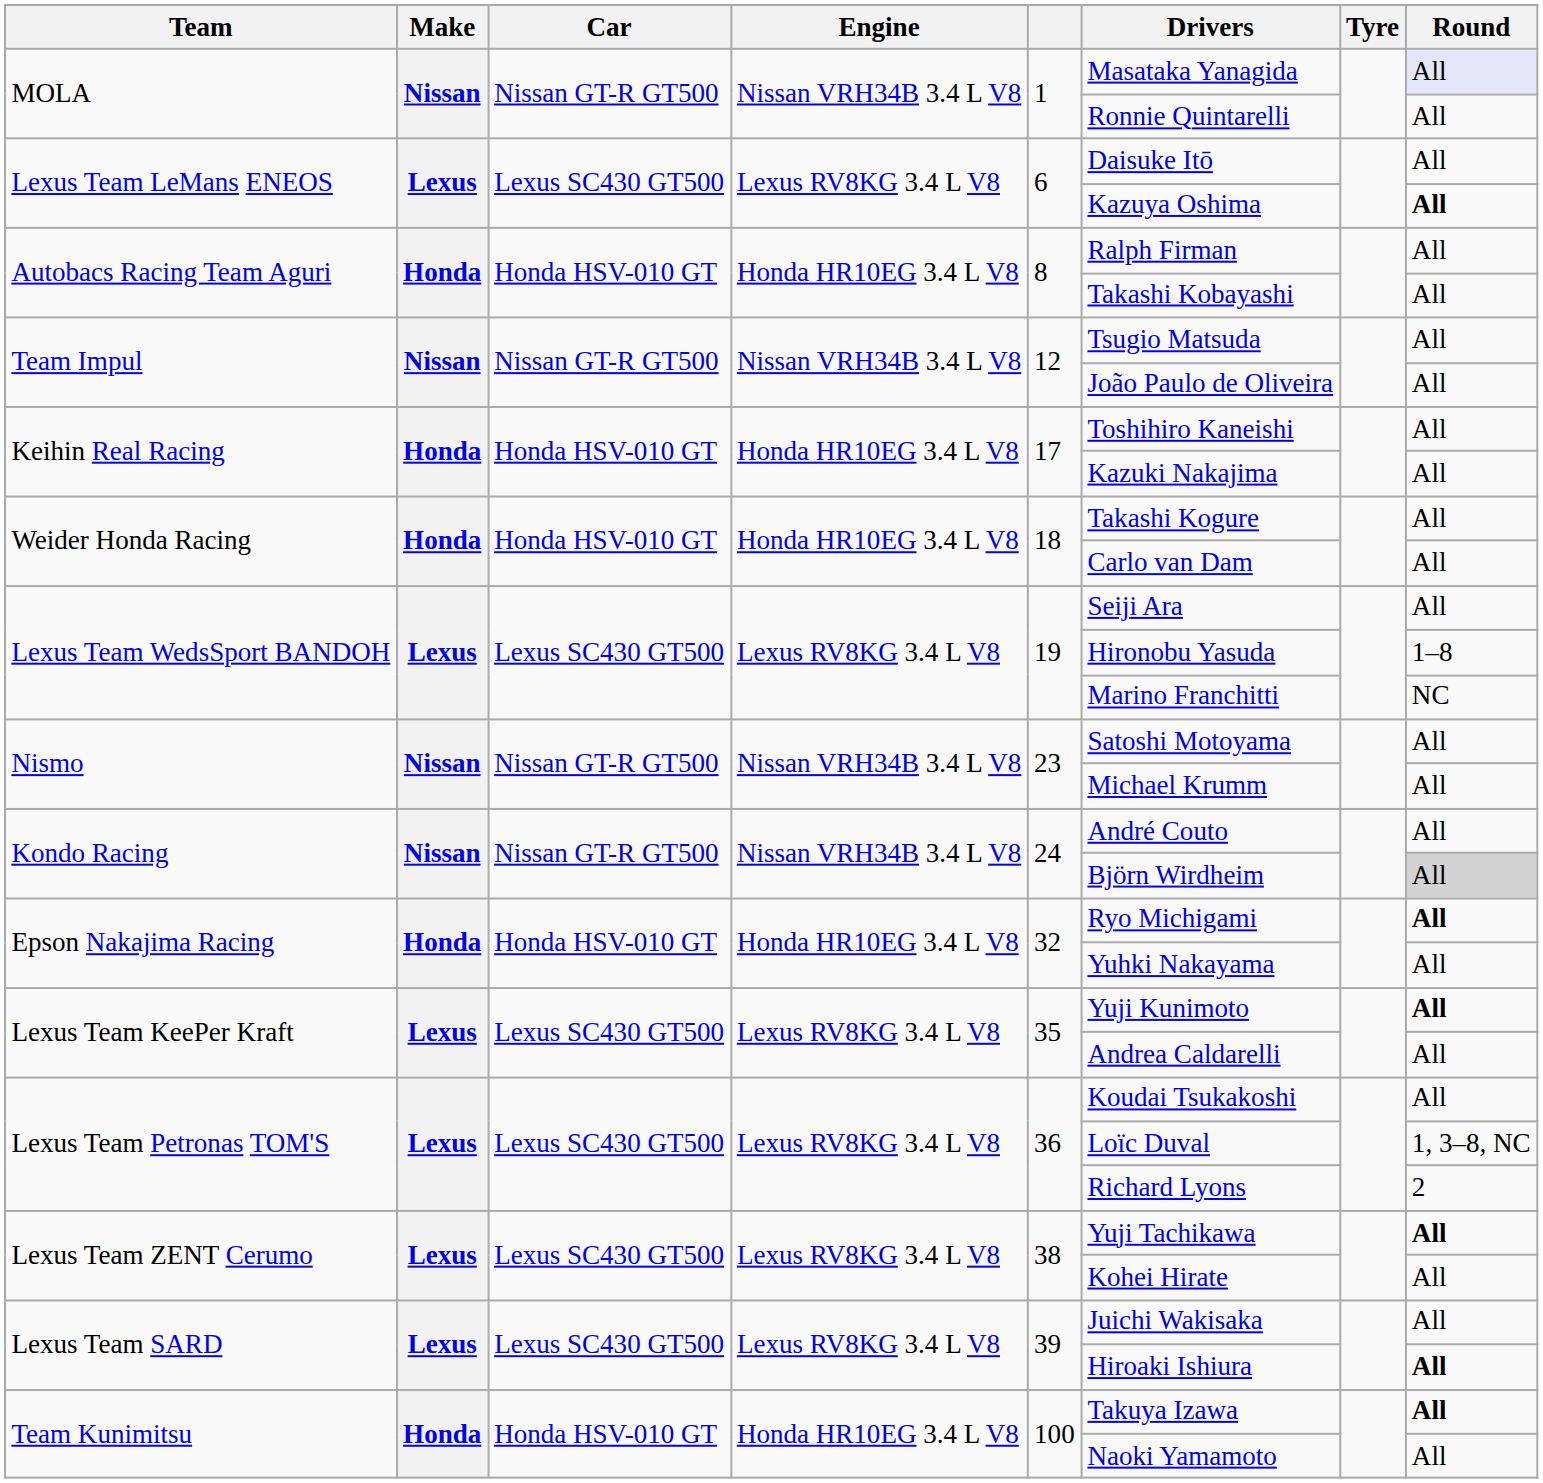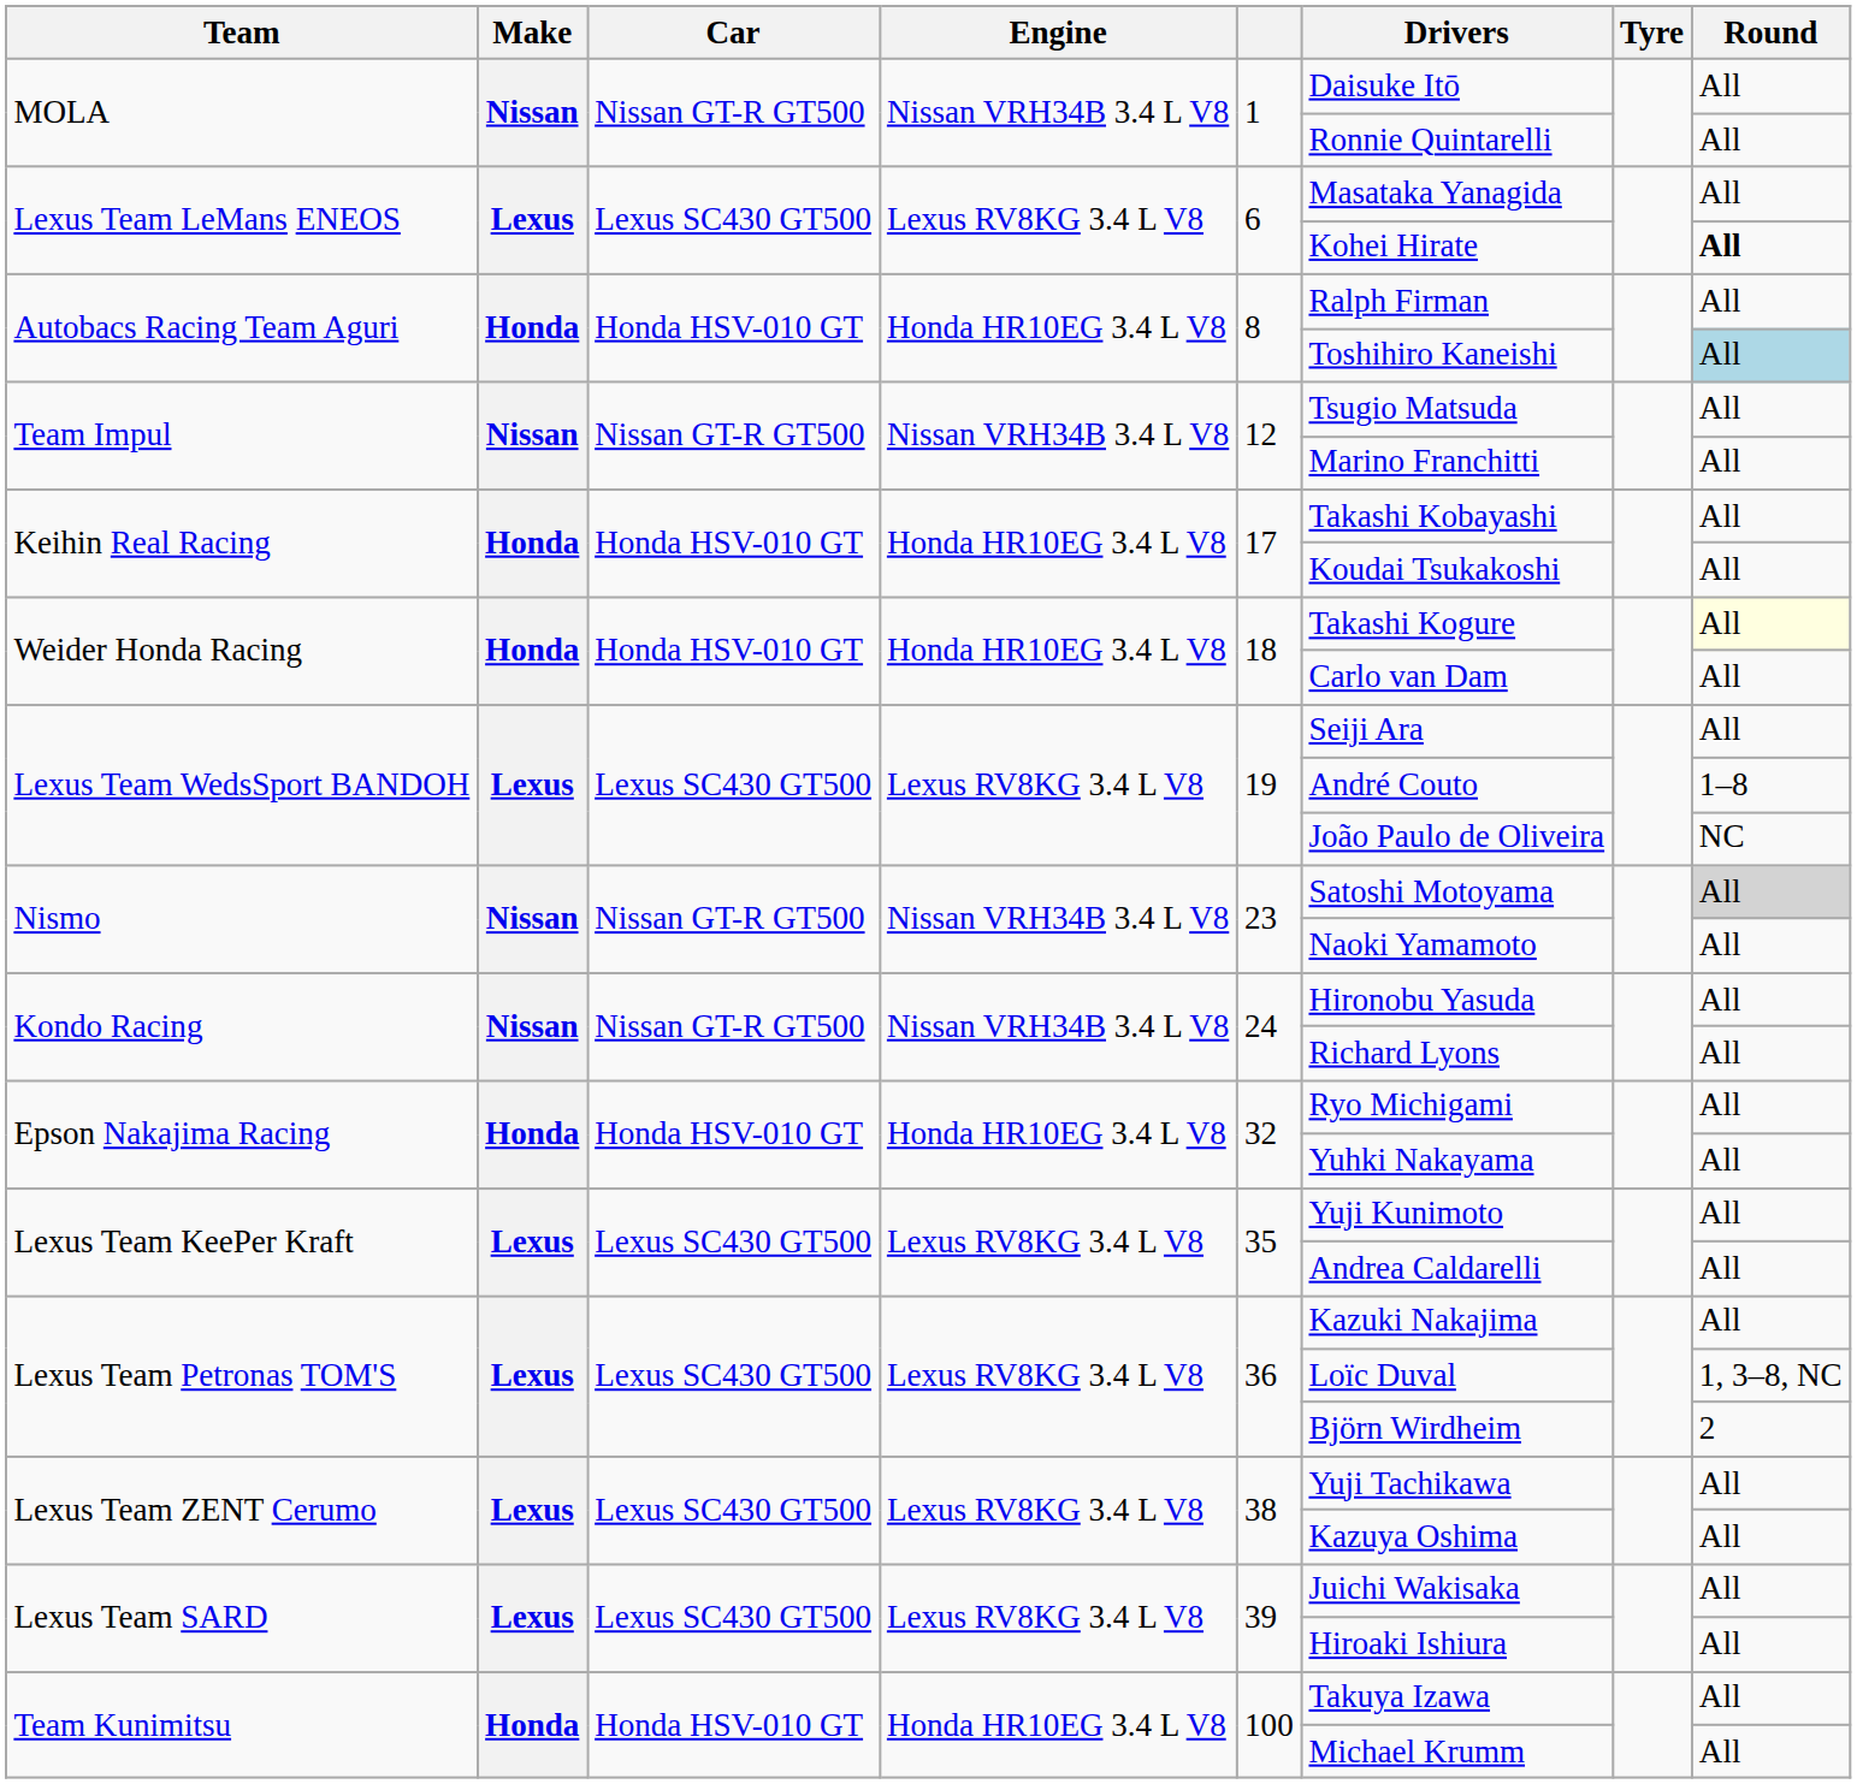 <table class="wikitable" style="font-size: 85%;">
 <tr>
 <th>Team</th>
 <th>Make</th>
 <th>Car</th>
 <th>Engine</th>
 <th></th>
 <th>Drivers</th>
 <th>Tyre</th>
 <th>Round</th>
 </tr>
 <tr>
 <td rowspan=2> MOLA</td>
 <th rowspan=2><a href='#'>Nissan</a></th>
 <td rowspan=2><a href='#'>Nissan GT-R GT500</a></td>
 <td rowspan=2><a href='#'>Nissan VRH34B</a> 3.4 L <a href='#'>V8</a></td>
 <td rowspan=2>1</td>
-<td> <a href='#'>Masataka Yanagida</a></td>
+<td> <a href='#'>Daisuke Itō</a></td>
 <td align=center rowspan=2></td>
-<td style="background: lavender;">All</td>
+<td>All</td>
 </tr>
 <tr>
 <td> <a href='#'>Ronnie Quintarelli</a></td>
 <td>All</td>
 </tr>
 <tr>
 <td rowspan=2> <a href='#'>Lexus Team LeMans</a> <a href='#'>ENEOS</a></td>
 <th rowspan=2><a href='#'>Lexus</a></th>
 <td rowspan=2><a href='#'>Lexus SC430 GT500</a></td>
 <td rowspan=2><a href='#'>Lexus RV8KG</a> 3.4 L <a href='#'>V8</a></td>
 <td rowspan=2>6</td>
-<td> <a href='#'>Daisuke Itō</a></td>
+<td> <a href='#'>Masataka Yanagida</a></td>
 <td align=center rowspan=2></td>
 <td>All</td>
 </tr>
 <tr>
-<td> <a href='#'>Kazuya Oshima</a></td>
+<td> <a href='#'>Kohei Hirate</a></td>
 <td><strong>All</strong></td>
 </tr>
 <tr>
 <td rowspan=2> <a href='#'>Autobacs Racing Team Aguri</a></td>
 <th rowspan=2><a href='#'>Honda</a></th>
 <td rowspan=2><a href='#'>Honda HSV-010 GT</a></td>
 <td rowspan=2><a href='#'>Honda HR10EG</a> 3.4 L <a href='#'>V8</a></td>
 <td rowspan=2>8</td>
 <td> <a href='#'>Ralph Firman</a></td>
 <td align=center rowspan=2></td>
 <td>All</td>
 </tr>
 <tr>
-<td> <a href='#'>Takashi Kobayashi</a></td>
-<td>All</td>
+<td> <a href='#'>Toshihiro Kaneishi</a></td>
+<td style="background: lightblue;">All</td>
 </tr>
 <tr>
 <td rowspan=2> <a href='#'>Team Impul</a></td>
 <th rowspan=2><a href='#'>Nissan</a></th>
 <td rowspan=2><a href='#'>Nissan GT-R GT500</a></td>
 <td rowspan=2><a href='#'>Nissan VRH34B</a> 3.4 L <a href='#'>V8</a></td>
 <td rowspan=2>12</td>
 <td> <a href='#'>Tsugio Matsuda</a></td>
 <td align=center rowspan=2></td>
 <td>All</td>
 </tr>
 <tr>
-<td> <a href='#'>João Paulo de Oliveira</a></td>
+<td> <a href='#'>Marino Franchitti</a></td>
 <td>All</td>
 </tr>
 <tr>
 <td rowspan=2> Keihin <a href='#'>Real Racing</a></td>
 <th rowspan=2><a href='#'>Honda</a></th>
 <td rowspan=2><a href='#'>Honda HSV-010 GT</a></td>
 <td rowspan=2><a href='#'>Honda HR10EG</a> 3.4 L <a href='#'>V8</a></td>
 <td rowspan=2>17</td>
-<td> <a href='#'>Toshihiro Kaneishi</a></td>
+<td> <a href='#'>Takashi Kobayashi</a></td>
 <td align=center rowspan=2></td>
 <td>All</td>
 </tr>
 <tr>
-<td> <a href='#'>Kazuki Nakajima</a></td>
+<td> <a href='#'>Koudai Tsukakoshi</a></td>
 <td>All</td>
 </tr>
 <tr>
 <td rowspan=2> Weider Honda Racing</td>
 <th rowspan=2><a href='#'>Honda</a></th>
 <td rowspan=2><a href='#'>Honda HSV-010 GT</a></td>
 <td rowspan=2><a href='#'>Honda HR10EG</a> 3.4 L <a href='#'>V8</a></td>
 <td rowspan=2>18</td>
 <td> <a href='#'>Takashi Kogure</a></td>
 <td align=center rowspan=2></td>
-<td>All</td>
+<td style="background: lightyellow;">All</td>
 </tr>
 <tr>
 <td> <a href='#'>Carlo van Dam</a></td>
 <td>All</td>
 </tr>
 <tr>
 <td rowspan=3> <a href='#'>Lexus Team WedsSport BANDOH</a></td>
 <th rowspan=3><a href='#'>Lexus</a></th>
 <td rowspan=3><a href='#'>Lexus SC430 GT500</a></td>
 <td rowspan=3><a href='#'>Lexus RV8KG</a> 3.4 L <a href='#'>V8</a></td>
 <td rowspan=3>19</td>
 <td> <a href='#'>Seiji Ara</a></td>
 <td align=center rowspan=3></td>
 <td>All</td>
 </tr>
 <tr>
-<td> <a href='#'>Hironobu Yasuda</a></td>
+<td> <a href='#'>André Couto</a></td>
 <td>1–8</td>
 </tr>
 <tr>
-<td> <a href='#'>Marino Franchitti</a></td>
+<td> <a href='#'>João Paulo de Oliveira</a></td>
 <td>NC</td>
 </tr>
 <tr>
 <td rowspan=2> <a href='#'>Nismo</a></td>
 <th rowspan=2><a href='#'>Nissan</a></th>
 <td rowspan=2><a href='#'>Nissan GT-R GT500</a></td>
 <td rowspan=2><a href='#'>Nissan VRH34B</a> 3.4 L <a href='#'>V8</a></td>
 <td rowspan=2>23</td>
 <td> <a href='#'>Satoshi Motoyama</a></td>
 <td align=center rowspan=2></td>
-<td>All</td>
+<td style="background: lightgrey;">All</td>
 </tr>
 <tr>
-<td> <a href='#'>Michael Krumm</a></td>
+<td> <a href='#'>Naoki Yamamoto</a></td>
 <td>All</td>
 </tr>
 <tr>
 <td rowspan=2> <a href='#'>Kondo Racing</a></td>
 <th rowspan=2><a href='#'>Nissan</a></th>
 <td rowspan=2><a href='#'>Nissan GT-R GT500</a></td>
 <td rowspan=2><a href='#'>Nissan VRH34B</a> 3.4 L <a href='#'>V8</a></td>
 <td rowspan=2>24</td>
-<td> <a href='#'>André Couto</a></td>
+<td> <a href='#'>Hironobu Yasuda</a></td>
 <td align=center rowspan=2></td>
 <td>All</td>
 </tr>
 <tr>
-<td> <a href='#'>Björn Wirdheim</a></td>
-<td style="background: lightgrey;">All</td>
+<td> <a href='#'>Richard Lyons</a></td>
+<td>All</td>
 </tr>
 <tr>
 <td rowspan=2> Epson <a href='#'>Nakajima Racing</a></td>
 <th rowspan=2><a href='#'>Honda</a></th>
 <td rowspan=2><a href='#'>Honda HSV-010 GT</a></td>
 <td rowspan=2><a href='#'>Honda HR10EG</a> 3.4 L <a href='#'>V8</a></td>
 <td rowspan=2>32</td>
 <td> <a href='#'>Ryo Michigami</a></td>
 <td align=center rowspan=2></td>
-<td><strong>All</strong></td>
+<td>All</td>
 </tr>
 <tr>
 <td> <a href='#'>Yuhki Nakayama</a></td>
 <td>All</td>
 </tr>
 <tr>
 <td rowspan=2> Lexus Team KeePer Kraft</td>
 <th rowspan=2><a href='#'>Lexus</a></th>
 <td rowspan=2><a href='#'>Lexus SC430 GT500</a></td>
 <td rowspan=2><a href='#'>Lexus RV8KG</a> 3.4 L <a href='#'>V8</a></td>
 <td rowspan=2>35</td>
 <td> <a href='#'>Yuji Kunimoto</a></td>
 <td align=center rowspan=2></td>
-<td><strong>All</strong></td>
+<td>All</td>
 </tr>
 <tr>
 <td> <a href='#'>Andrea Caldarelli</a></td>
 <td>All</td>
 </tr>
 <tr>
 <td rowspan=3> Lexus Team <a href='#'>Petronas</a> <a href='#'>TOM'S</a></td>
 <th rowspan=3><a href='#'>Lexus</a></th>
 <td rowspan=3><a href='#'>Lexus SC430 GT500</a></td>
 <td rowspan=3><a href='#'>Lexus RV8KG</a> 3.4 L <a href='#'>V8</a></td>
 <td rowspan=3>36</td>
-<td> <a href='#'>Koudai Tsukakoshi</a></td>
+<td> <a href='#'>Kazuki Nakajima</a></td>
 <td align=center rowspan=3></td>
 <td>All</td>
 </tr>
 <tr>
 <td> <a href='#'>Loïc Duval</a></td>
 <td>1, 3–8, NC</td>
 </tr>
 <tr>
-<td> <a href='#'>Richard Lyons</a></td>
+<td> <a href='#'>Björn Wirdheim</a></td>
 <td>2</td>
 </tr>
 <tr>
 <td rowspan=2> Lexus Team ZENT <a href='#'>Cerumo</a></td>
 <th rowspan=2><a href='#'>Lexus</a></th>
 <td rowspan=2><a href='#'>Lexus SC430 GT500</a></td>
 <td rowspan=2><a href='#'>Lexus RV8KG</a> 3.4 L <a href='#'>V8</a></td>
 <td rowspan=2>38</td>
 <td> <a href='#'>Yuji Tachikawa</a></td>
 <td align=center rowspan=2></td>
-<td><strong>All</strong></td>
+<td>All</td>
 </tr>
 <tr>
-<td> <a href='#'>Kohei Hirate</a></td>
+<td> <a href='#'>Kazuya Oshima</a></td>
 <td>All</td>
 </tr>
 <tr>
 <td rowspan=2> Lexus Team <a href='#'>SARD</a></td>
 <th rowspan=2><a href='#'>Lexus</a></th>
 <td rowspan=2><a href='#'>Lexus SC430 GT500</a></td>
 <td rowspan=2><a href='#'>Lexus RV8KG</a> 3.4 L <a href='#'>V8</a></td>
 <td rowspan=2>39</td>
 <td> <a href='#'>Juichi Wakisaka</a></td>
 <td align=center rowspan=2></td>
 <td>All</td>
 </tr>
 <tr>
 <td> <a href='#'>Hiroaki Ishiura</a></td>
-<td><strong>All</strong></td>
+<td>All</td>
 </tr>
 <tr>
 <td rowspan=2> <a href='#'>Team Kunimitsu</a></td>
 <th rowspan=2><a href='#'>Honda</a></th>
 <td rowspan=2><a href='#'>Honda HSV-010 GT</a></td>
 <td rowspan=2><a href='#'>Honda HR10EG</a> 3.4 L <a href='#'>V8</a></td>
 <td rowspan=2>100</td>
 <td> <a href='#'>Takuya Izawa</a></td>
 <td align=center rowspan=2></td>
-<td><strong>All</strong></td>
+<td>All</td>
 </tr>
 <tr>
-<td> <a href='#'>Naoki Yamamoto</a></td>
+<td> <a href='#'>Michael Krumm</a></td>
 <td>All</td>
 </tr>
 </table>
